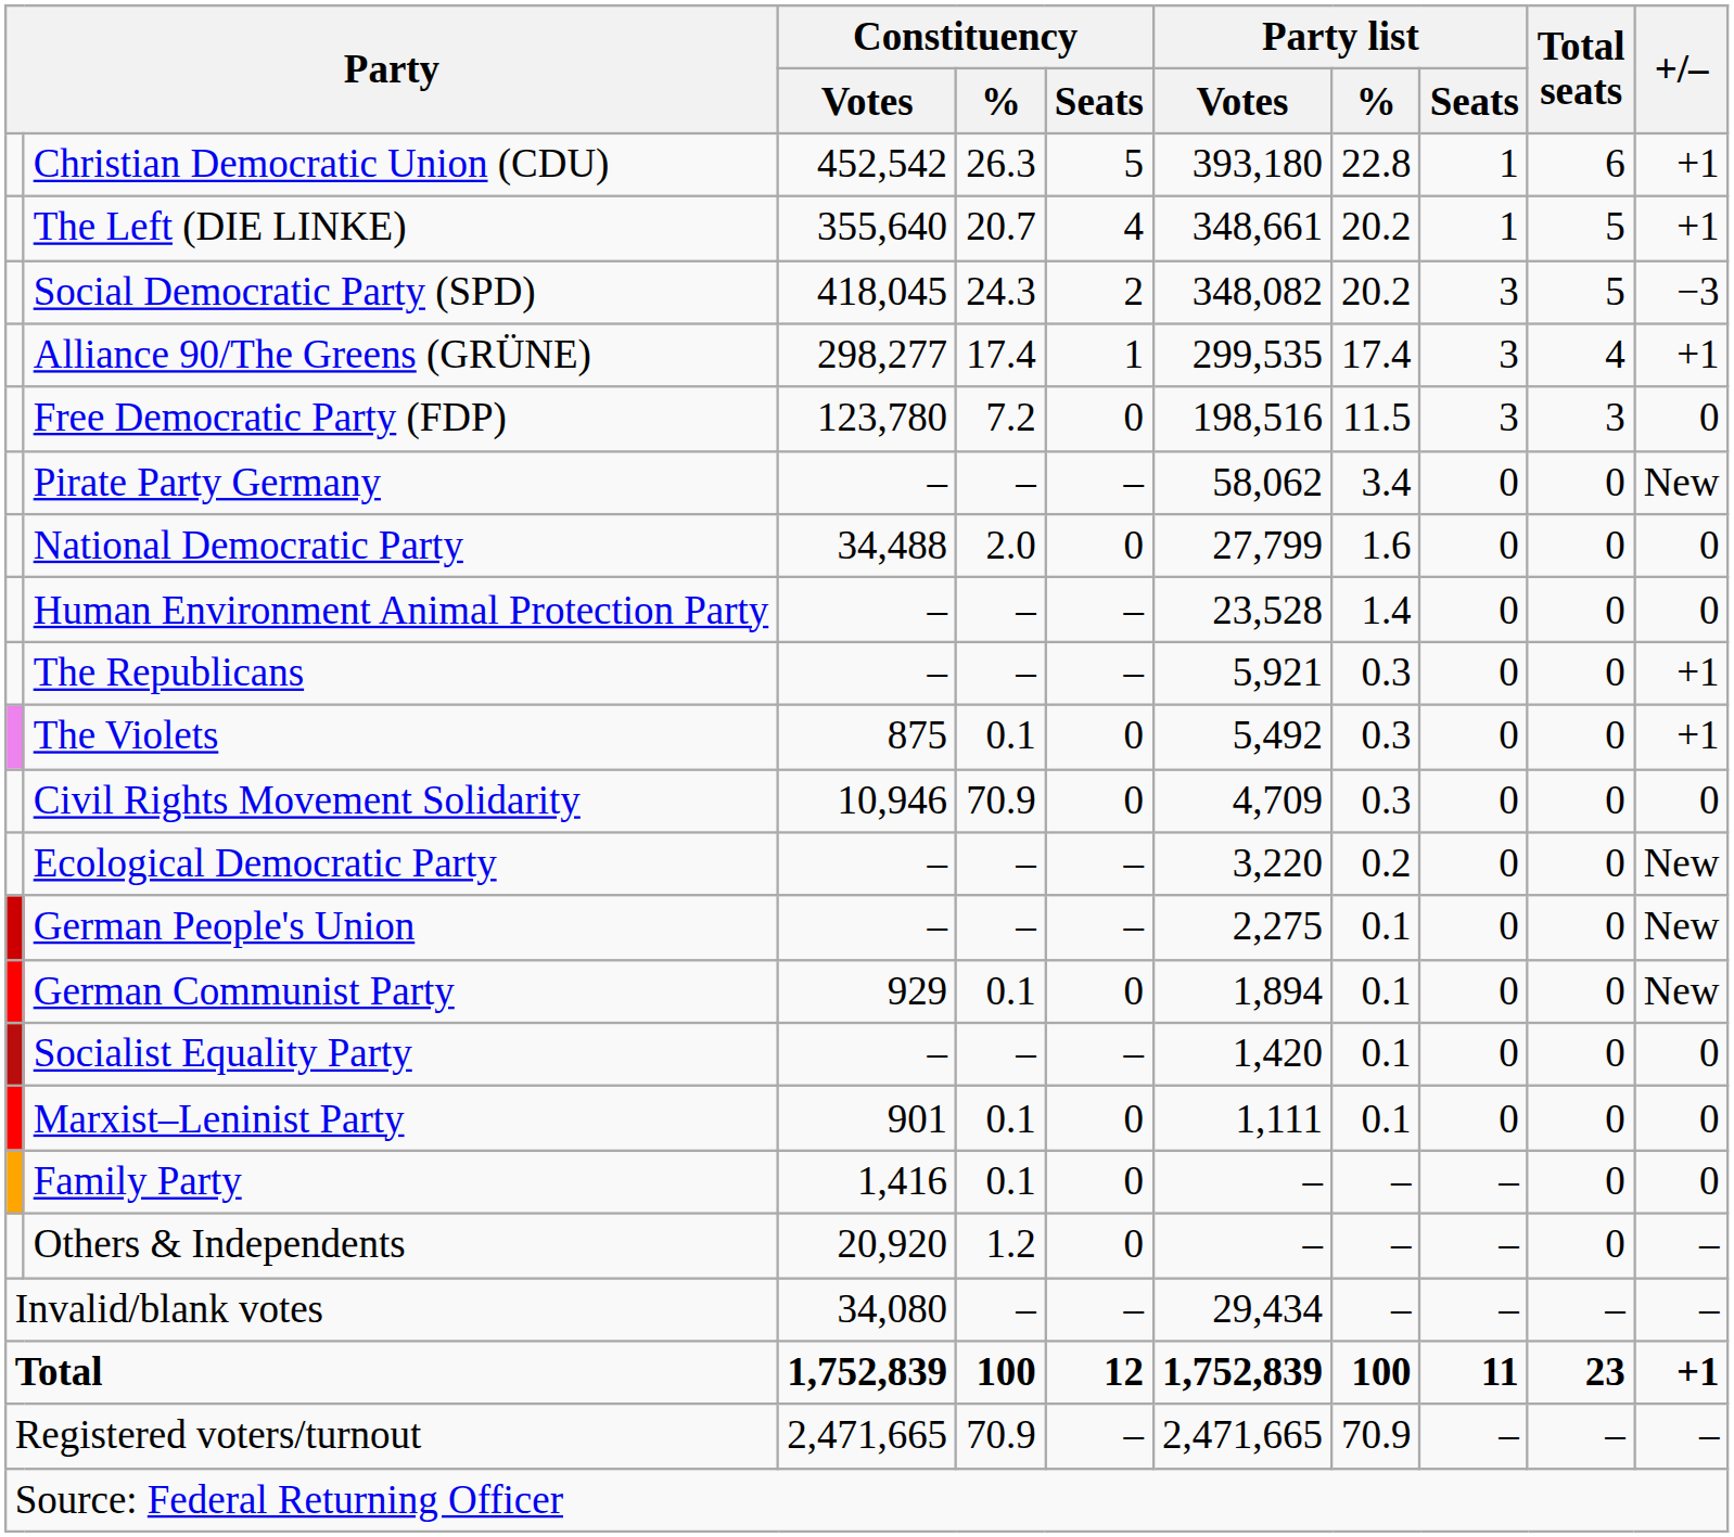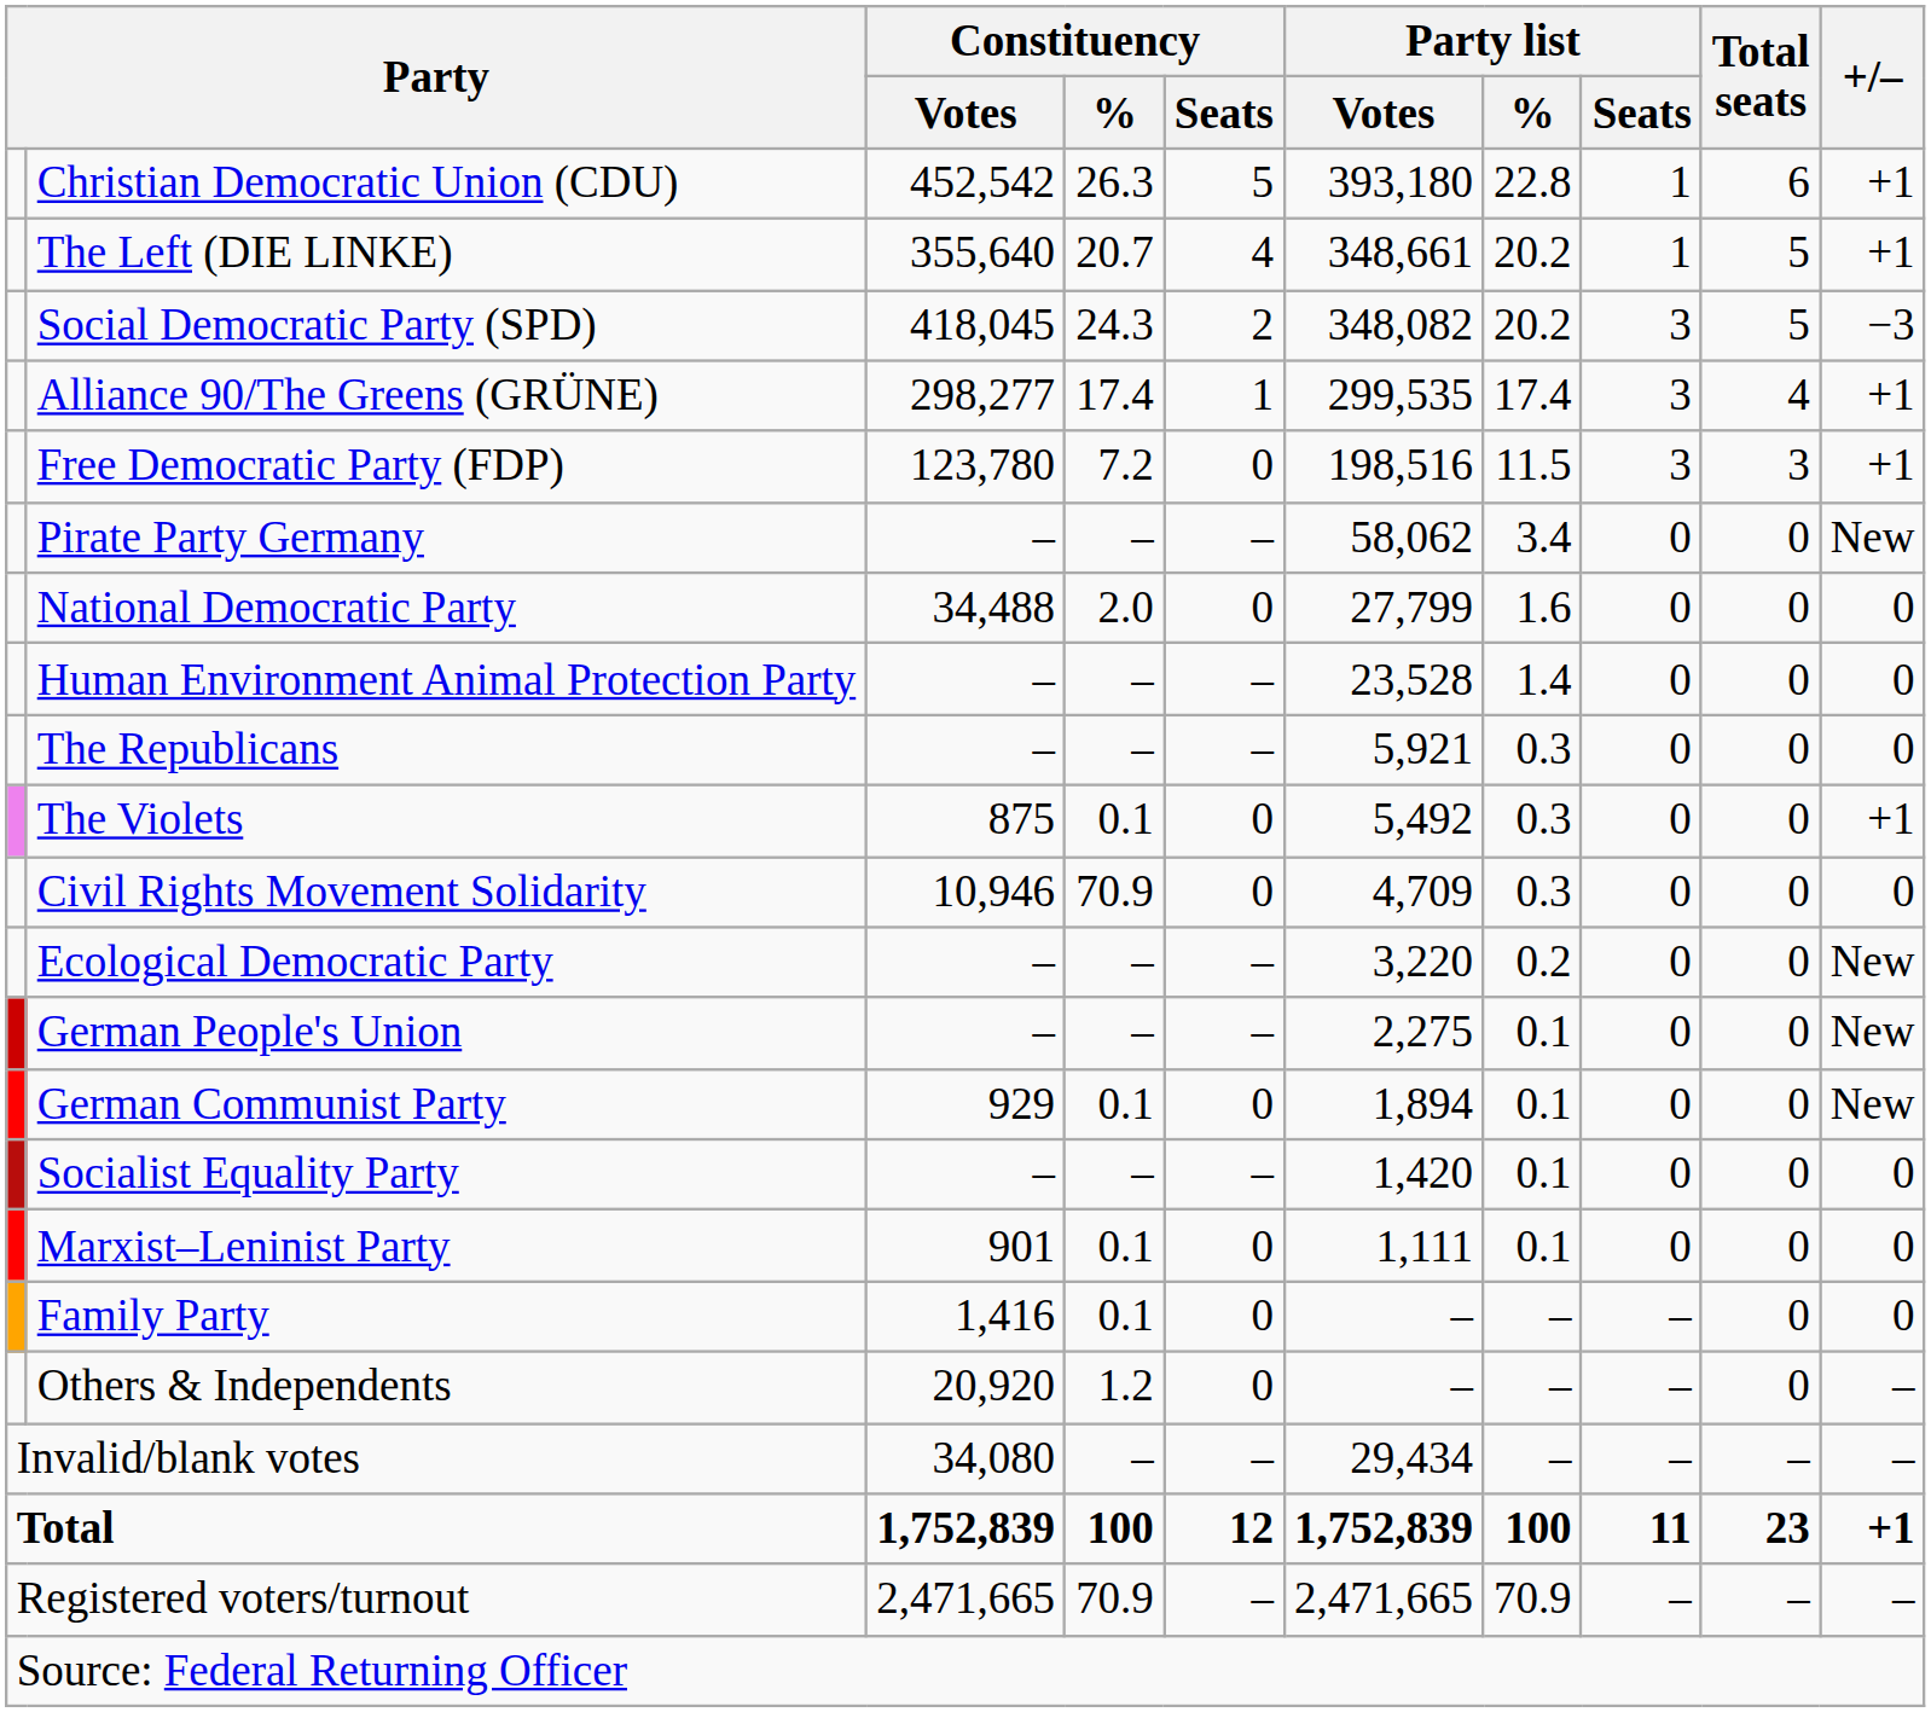 <table class="wikitable" style="text-align:right">
 <tr>
 <th colspan="2" rowspan="2">Party</th>
 <th colspan="3">Constituency</th>
 <th colspan="3">Party list</th>
 <th rowspan="2">Total<br>seats</th>
 <th rowspan="2">+/–</th>
 </tr>
 <tr>
 <th>Votes</th>
 <th>%</th>
 <th>Seats</th>
 <th>Votes</th>
 <th>%</th>
 <th>Seats</th>
 </tr>
 <tr>
 <td></td>
 <td align="left"><a href='#'>Christian Democratic Union</a> (CDU)</td>
 <td>452,542</td>
 <td>26.3</td>
 <td>5</td>
 <td>393,180</td>
 <td>22.8</td>
 <td>1</td>
 <td>6</td>
 <td>+1</td>
 </tr>
 <tr>
 <td></td>
 <td align="left"><a href='#'>The Left</a> (DIE LINKE)</td>
 <td>355,640</td>
 <td>20.7</td>
 <td>4</td>
 <td>348,661</td>
 <td>20.2</td>
 <td>1</td>
 <td>5</td>
 <td>+1</td>
 </tr>
 <tr>
 <td></td>
 <td align="left"><a href='#'>Social Democratic Party</a> (SPD)</td>
 <td>418,045</td>
 <td>24.3</td>
 <td>2</td>
 <td>348,082</td>
 <td>20.2</td>
 <td>3</td>
 <td>5</td>
 <td>−3</td>
 </tr>
 <tr>
 <td></td>
 <td align="left"><a href='#'>Alliance 90/The Greens</a> (GRÜNE)</td>
 <td>298,277</td>
 <td>17.4</td>
 <td>1</td>
 <td>299,535</td>
 <td>17.4</td>
 <td>3</td>
 <td>4</td>
 <td>+1</td>
 </tr>
 <tr>
 <td></td>
 <td align="left"><a href='#'>Free Democratic Party</a> (FDP)</td>
 <td>123,780</td>
 <td>7.2</td>
 <td>0</td>
 <td>198,516</td>
 <td>11.5</td>
 <td>3</td>
 <td>3</td>
-<td>0</td>
+<td>+1</td>
 </tr>
 <tr>
 <td style="background-color:"></td>
 <td align="left"><a href='#'>Pirate Party Germany</a></td>
 <td>–</td>
 <td>–</td>
 <td>–</td>
 <td>58,062</td>
 <td>3.4</td>
 <td>0</td>
 <td>0</td>
 <td>New</td>
 </tr>
 <tr>
 <td style="background-color:"></td>
 <td align="left"><a href='#'>National Democratic Party</a></td>
 <td>34,488</td>
 <td>2.0</td>
 <td>0</td>
 <td>27,799</td>
 <td>1.6</td>
 <td>0</td>
 <td>0</td>
 <td>0</td>
 </tr>
 <tr>
 <td style="background-color:"></td>
 <td align="left"><a href='#'>Human Environment Animal Protection Party</a></td>
 <td>–</td>
 <td>–</td>
 <td>–</td>
 <td>23,528</td>
 <td>1.4</td>
 <td>0</td>
 <td>0</td>
 <td>0</td>
 </tr>
 <tr>
 <td style="background-color:"></td>
 <td align="left"><a href='#'>The Republicans</a></td>
 <td>–</td>
 <td>–</td>
 <td>–</td>
 <td>5,921</td>
 <td>0.3</td>
 <td>0</td>
 <td>0</td>
-<td>+1</td>
+<td>0</td>
 </tr>
 <tr>
 <td style="background-color:#EE82EE"></td>
 <td align="left"><a href='#'>The Violets</a></td>
 <td>875</td>
 <td>0.1</td>
 <td>0</td>
 <td>5,492</td>
 <td>0.3</td>
 <td>0</td>
 <td>0</td>
 <td>+1</td>
 </tr>
 <tr>
 <td></td>
 <td align="left"><a href='#'>Civil Rights Movement Solidarity</a></td>
 <td>10,946</td>
 <td>70.9</td>
 <td>0</td>
 <td>4,709</td>
 <td>0.3</td>
 <td>0</td>
 <td>0</td>
 <td>0</td>
 </tr>
 <tr>
 <td style="background-color:"></td>
 <td align="left"><a href='#'>Ecological Democratic Party</a></td>
 <td>–</td>
 <td>–</td>
 <td>–</td>
 <td>3,220</td>
 <td>0.2</td>
 <td>0</td>
 <td>0</td>
 <td>New</td>
 </tr>
 <tr>
 <td style="background-color:#CC0000"></td>
 <td align="left"><a href='#'>German People's Union</a></td>
 <td>–</td>
 <td>–</td>
 <td>–</td>
 <td>2,275</td>
 <td>0.1</td>
 <td>0</td>
 <td>0</td>
 <td>New</td>
 </tr>
 <tr>
 <td style="background-color:red"></td>
 <td align="left"><a href='#'>German Communist Party</a></td>
 <td>929</td>
 <td>0.1</td>
 <td>0</td>
 <td>1,894</td>
 <td>0.1</td>
 <td>0</td>
 <td>0</td>
 <td>New</td>
 </tr>
 <tr>
 <td style="background-color:#B80D0C"></td>
 <td align="left"><a href='#'>Socialist Equality Party</a></td>
 <td>–</td>
 <td>–</td>
 <td>–</td>
 <td>1,420</td>
 <td>0.1</td>
 <td>0</td>
 <td>0</td>
 <td>0</td>
 </tr>
 <tr>
 <td style="background-color:red"></td>
 <td align="left"><a href='#'>Marxist–Leninist Party</a></td>
 <td>901</td>
 <td>0.1</td>
 <td>0</td>
 <td>1,111</td>
 <td>0.1</td>
 <td>0</td>
 <td>0</td>
 <td>0</td>
 </tr>
 <tr>
 <td style="background-color:#FFA500"></td>
 <td align="left"><a href='#'>Family Party</a></td>
 <td>1,416</td>
 <td>0.1</td>
 <td>0</td>
 <td>–</td>
 <td>–</td>
 <td>–</td>
 <td>0</td>
 <td>0</td>
 </tr>
 <tr>
 <td></td>
 <td align="left">Others & Independents</td>
 <td>20,920</td>
 <td>1.2</td>
 <td>0</td>
 <td>–</td>
 <td>–</td>
 <td>–</td>
 <td>0</td>
 <td>–</td>
 </tr>
 <tr>
 <td colspan="2" align="left">Invalid/blank votes</td>
 <td>34,080</td>
 <td>–</td>
 <td>–</td>
 <td>29,434</td>
 <td>–</td>
 <td>–</td>
 <td>–</td>
 <td>–</td>
 </tr>
 <tr>
 <td colspan="2" align="left"><strong>Total</strong></td>
 <td><strong>1,752,839</strong></td>
 <td><strong>100</strong></td>
 <td><strong>12</strong></td>
 <td><strong>1,752,839</strong></td>
 <td><strong>100</strong></td>
 <td><strong>11</strong></td>
 <td><strong>23</strong></td>
 <td><strong>+1</strong></td>
 </tr>
 <tr>
 <td colspan="2" align="left">Registered voters/turnout</td>
 <td>2,471,665</td>
 <td>70.9</td>
 <td>–</td>
 <td>2,471,665</td>
 <td>70.9</td>
 <td>–</td>
 <td>–</td>
 <td>–</td>
 </tr>
 <tr>
 <td colspan="10" align="left">Source: <a href='#'>Federal Returning Officer</a></td>
 </tr>
 </table>
